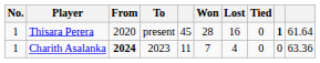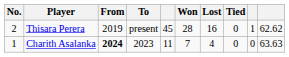 <table class="wikitable"style="text-align:center;">
 <tr>
 <th>No.</th>
 <th>Player</th>
 <th>From</th>
 <th>To</th>
 <th></th>
 <th>Won</th>
 <th>Lost</th>
 <th>Tied</th>
 <th></th>
 <th></th>
 </tr>
 <tr>
-<td>1</td>
+<td>2</td>
 <td style="text-align:left;"><a href='#'>Thisara Perera</a></td>
-<td>2020</td>
+<td>2019</td>
 <td>present</td>
 <td>45</td>
 <td>28</td>
 <td>16</td>
 <td>0</td>
-<td><strong>1</strong></td>
-<td>61.64</td>
+<td>1</td>
+<td>62.62</td>
 </tr>
 <tr>
 <td>1</td>
 <td style="text-align:left;"><a href='#'>Charith Asalanka</a></td>
 <td><strong>2024</strong></td>
 <td>2023</td>
 <td>11</td>
 <td>7</td>
 <td>4</td>
 <td>0</td>
 <td>0</td>
-<td>63.36</td>
+<td>63.63</td>
 </tr>
 </table>
